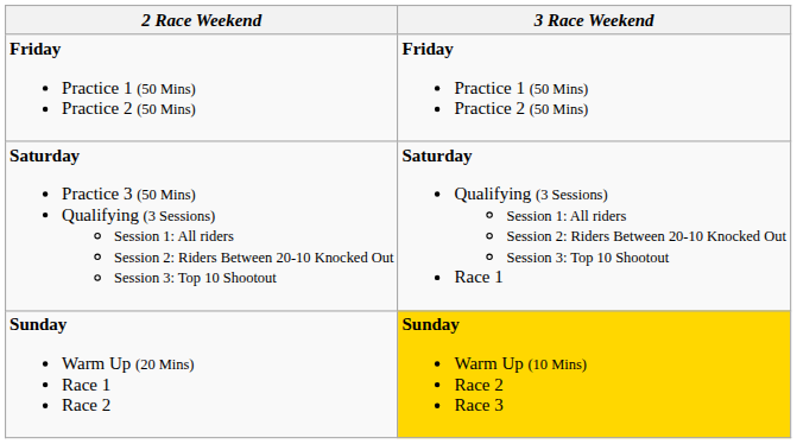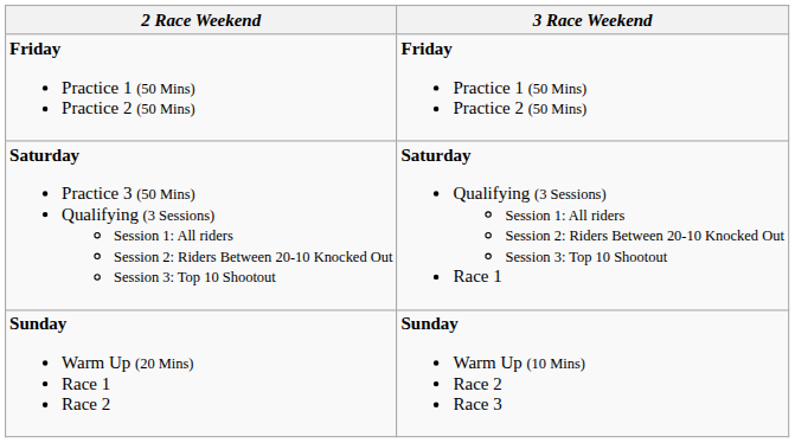 <table class="wikitable" style="font-size: 85%">
 <tr>
 <th><strong><em>2 Race Weekend</em></strong></th>
 <th><strong><em>3 Race Weekend</em></strong></th>
 </tr>
 <tr>
 <td><strong>Friday</strong><br><ul><li>Practice 1 <small>(50 Mins)</small></li><li>Practice 2 <small>(50 Mins)</small></li></ul></td>
 <td><strong>Friday</strong><br><ul><li>Practice 1 <small>(50 Mins)</small></li><li>Practice 2 <small>(50 Mins)</small></li></ul></td>
 </tr>
 <tr>
 <td><strong>Saturday</strong><br><ul><li>Practice 3 <small>(50 Mins)</small></li><li>Qualifying <small>(3 Sessions)</small><ul><li><small>Session 1: All riders</small></li><li><small>Session 2: Riders Between 20-10 Knocked Out</small></li><li><small>Session 3: Top 10 Shootout</small></li></ul></li></ul></td>
 <td><strong>Saturday</strong><br><ul><li>Qualifying <small>(3 Sessions)</small><ul><li><small>Session 1: All riders</small></li><li><small>Session 2: Riders Between 20-10 Knocked Out</small></li><li><small>Session 3: Top 10 Shootout</small></li></ul></li><li>Race 1</li></ul></td>
 </tr>
 <tr>
 <td><strong>Sunday</strong><br><ul><li>Warm Up <small>(20 Mins)</small></li><li>Race 1</li><li>Race 2</li></ul></td>
-<td style="background: gold;"><strong>Sunday</strong><br><ul><li>Warm Up <small>(10 Mins)</small></li><li>Race 2</li><li>Race 3</li></ul></td>
+<td><strong>Sunday</strong><br><ul><li>Warm Up <small>(10 Mins)</small></li><li>Race 2</li><li>Race 3</li></ul></td>
 </tr>
 </table>
